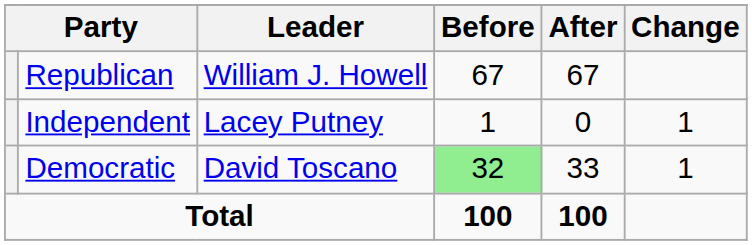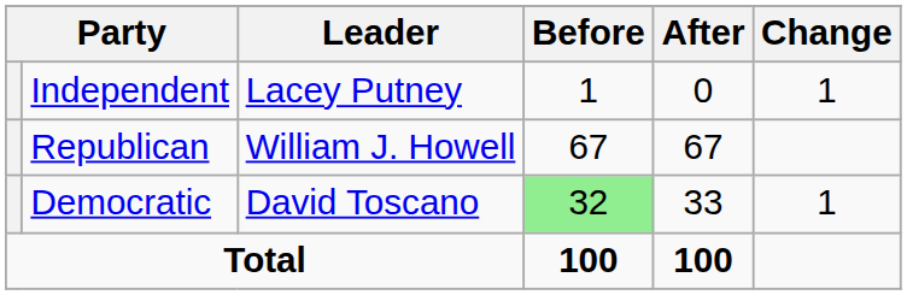 <table class="wikitable" style="text-align:center;">
 <tr>
 </tr>
 <tr>
 <th colspan=2>Party</th>
 <th>Leader</th>
 <th>Before</th>
 <th>After</th>
 <th>Change</th>
 </tr>
 <tr>
 <th style="background-color:"></th>
+<td style="text-align:left;"><a href='#'>Independent</a></td>
+<td style="text-align:left;"><a href='#'>Lacey Putney</a></td>
+<td>1</td>
+<td>0</td>
+<td> 1</td>
+</tr>
+<tr>
+<th style="background-color:"></th>
 <td style="text-align:left;"><a href='#'>Republican</a></td>
 <td style="text-align:left;"><a href='#'>William J. Howell</a></td>
 <td>67</td>
 <td>67</td>
 <td></td>
-</tr>
-<tr>
-<th style="background-color:"></th>
-<td style="text-align:left;"><a href='#'>Independent</a></td>
-<td style="text-align:left;"><a href='#'>Lacey Putney</a></td>
-<td>1</td>
-<td>0</td>
-<td> 1</td>
 </tr>
 <tr>
 <th style="background-color:"></th>
 <td style="text-align:left;"><a href='#'>Democratic</a></td>
 <td style="text-align:left;"><a href='#'>David Toscano</a></td>
 <td style="background: lightgreen;">32</td>
 <td>33</td>
 <td> 1</td>
 </tr>
 <tr>
 <td colspan=3><strong>Total</strong></td>
 <td><strong>100</strong></td>
 <td><strong>100</strong></td>
 </tr>
 </table>
